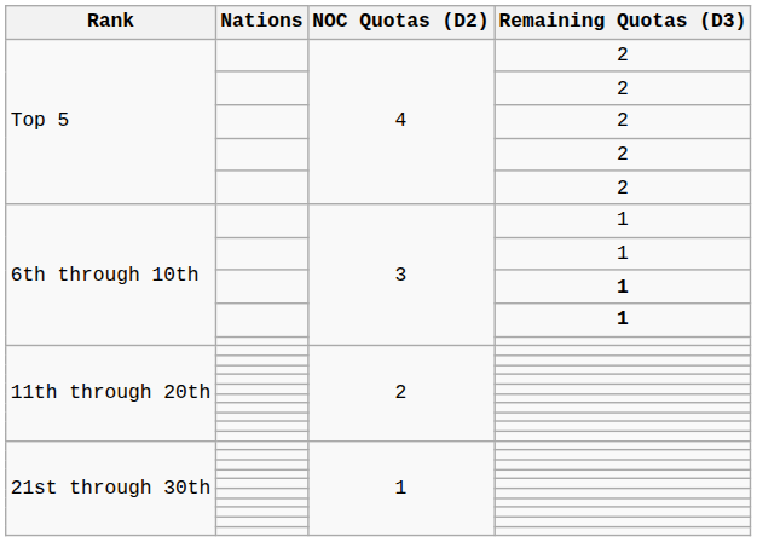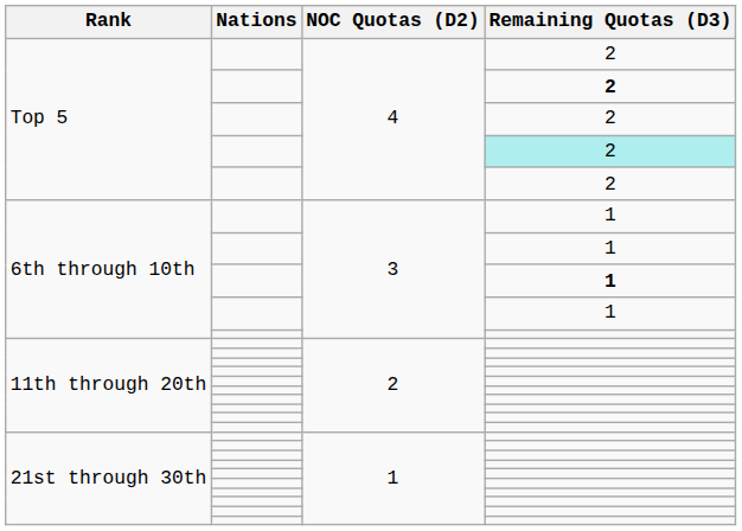 <table class="wikitable sortable" style="font-size:90%;">
 <tr>
 <th>Rank</th>
 <th>Nations</th>
 <th>NOC Quotas (D2)</th>
 <th>Remaining Quotas (D3)</th>
 </tr>
 <tr>
 <td rowspan=5>Top 5</td>
 <td></td>
 <td rowspan=5 style="text-align:center">4</td>
 <td style="text-align:center">2</td>
 </tr>
 <tr>
 <td></td>
-<td style="text-align:center">2</td>
+<td style="text-align:center"><strong>2</strong></td>
 </tr>
 <tr>
 <td></td>
 <td style="text-align:center">2</td>
 </tr>
 <tr>
 <td></td>
-<td style="text-align:center">2</td>
+<td style="background: paleturquoise; text-align:center">2</td>
 </tr>
 <tr>
 <td></td>
 <td style="text-align:center">2</td>
 </tr>
 <tr>
 <td rowspan=5>6th through 10th</td>
 <td></td>
 <td rowspan=5 style="text-align:center">3</td>
 <td style="text-align:center">1</td>
 </tr>
 <tr>
 <td></td>
 <td style="text-align:center">1</td>
 </tr>
 <tr>
 <td></td>
 <td style="text-align:center"><strong>1</strong></td>
 </tr>
 <tr>
 <td></td>
-<td style="text-align:center"><strong>1</strong></td>
+<td style="text-align:center">1</td>
 </tr>
 <tr>
 <td></td>
 <td></td>
 </tr>
 <tr>
 <td rowspan=10>11th through 20th</td>
 <td></td>
 <td rowspan=10 style="text-align:center">2</td>
 <td></td>
 </tr>
 <tr>
 <td></td>
 <td></td>
 </tr>
 <tr>
 <td></td>
 <td></td>
 </tr>
 <tr>
 <td></td>
 <td></td>
 </tr>
 <tr>
 <td></td>
 <td></td>
 </tr>
 <tr>
 <td></td>
 <td></td>
 </tr>
 <tr>
 <td></td>
 <td></td>
 </tr>
 <tr>
 <td></td>
 <td></td>
 </tr>
 <tr>
 <td></td>
 <td></td>
 </tr>
 <tr>
 <td></td>
 <td></td>
 </tr>
 <tr>
 <td rowspan=10>21st through 30th</td>
 <td></td>
 <td rowspan=10 style="text-align:center">1</td>
 <td></td>
 </tr>
 <tr>
 <td></td>
 <td></td>
 </tr>
 <tr>
 <td></td>
 <td></td>
 </tr>
 <tr>
 <td></td>
 <td></td>
 </tr>
 <tr>
 <td></td>
 <td></td>
 </tr>
 <tr>
 <td></td>
 <td></td>
 </tr>
 <tr>
 <td></td>
 <td></td>
 </tr>
 <tr>
 <td></td>
 <td></td>
 </tr>
 <tr>
 <td></td>
 <td></td>
 </tr>
 <tr>
 <td></td>
 <td></td>
 </tr>
 </table>
